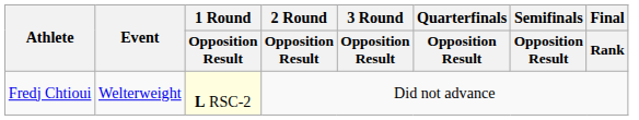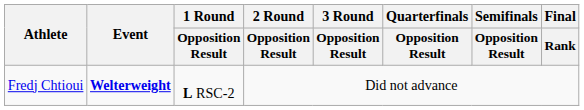 <table class="wikitable" style="font-size:90%">
 <tr>
 <th rowspan="2">Athlete</th>
 <th rowspan="2">Event</th>
 <th>1 Round</th>
 <th>2 Round</th>
 <th>3 Round</th>
 <th>Quarterfinals</th>
 <th>Semifinals</th>
 <th colspan=2>Final</th>
 </tr>
 <tr style="font-size:95%">
 <th>Opposition<br>Result</th>
 <th>Opposition<br>Result</th>
 <th>Opposition<br>Result</th>
 <th>Opposition<br>Result</th>
 <th>Opposition<br>Result</th>
 <th colspan=2>Rank</th>
 </tr>
 <tr align=center>
 <td align=left><a href='#'>Fredj Chtioui</a></td>
-<td align=left><a href='#'>Welterweight</a></td>
-<td style="background: lightyellow;"><br><strong>L</strong> RSC-2</td>
+<td align=left><strong><a href='#'>Welterweight</a></strong></td>
+<td><br><strong>L</strong> RSC-2</td>
 <td colspan=6>Did not advance</td>
 </tr>
 </table>
